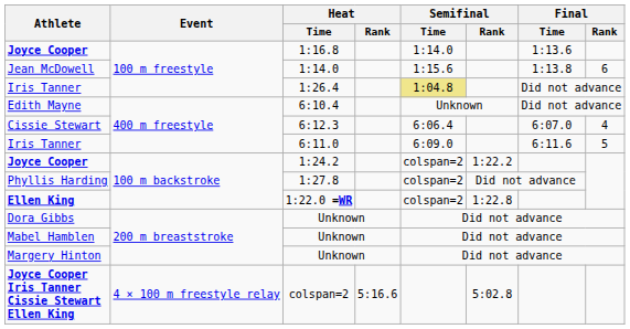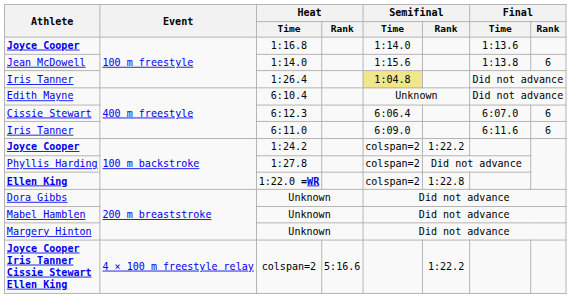 <table class=wikitable style="font-size:90%;">
 <tr>
 <th rowspan=2>Athlete</th>
 <th rowspan=2>Event</th>
 <th colspan=2>Heat</th>
 <th colspan=2>Semifinal</th>
 <th colspan=2>Final</th>
 </tr>
 <tr style="font-size:95%">
 <th>Time</th>
 <th>Rank</th>
 <th>Time</th>
 <th>Rank</th>
 <th>Time</th>
 <th>Rank</th>
 </tr>
 <tr align=center>
 <td align=left><strong><a href='#'>Joyce Cooper</a></strong></td>
 <td rowspan=3 align=left><a href='#'>100 m freestyle</a></td>
 <td>1:16.8</td>
 <td></td>
 <td>1:14.0</td>
 <td></td>
 <td>1:13.6</td>
 <td></td>
 </tr>
 <tr align=center>
 <td align=left><a href='#'>Jean McDowell</a></td>
 <td>1:14.0</td>
 <td></td>
 <td>1:15.6</td>
 <td></td>
 <td>1:13.8</td>
 <td>6</td>
 </tr>
 <tr align=center>
 <td align=left><a href='#'>Iris Tanner</a></td>
 <td>1:26.4</td>
 <td></td>
 <td style="background: khaki;">1:04.8</td>
 <td></td>
 <td colspan=2>Did not advance</td>
 </tr>
 <tr align=center>
 <td align=left><a href='#'>Edith Mayne</a></td>
 <td rowspan=3 align=left><a href='#'>400 m freestyle</a></td>
 <td>6:10.4</td>
 <td></td>
 <td colspan=2>Unknown</td>
 <td colspan=2>Did not advance</td>
 </tr>
 <tr align=center>
 <td align=left><a href='#'>Cissie Stewart</a></td>
 <td>6:12.3</td>
 <td></td>
 <td>6:06.4</td>
 <td></td>
 <td>6:07.0</td>
-<td>4</td>
+<td>6</td>
 </tr>
 <tr align=center>
 <td align=left><a href='#'>Iris Tanner</a></td>
 <td>6:11.0</td>
 <td></td>
 <td>6:09.0</td>
 <td></td>
 <td>6:11.6</td>
-<td>5</td>
+<td>6</td>
 </tr>
 <tr align=center>
 <td align=left><strong><a href='#'>Joyce Cooper</a></strong></td>
 <td rowspan=3 align=left><a href='#'>100 m backstroke</a></td>
 <td>1:24.2</td>
 <td></td>
 <td>colspan=2 </td>
 <td>1:22.2</td>
 <td></td>
 </tr>
 <tr align=center>
 <td align=left><a href='#'>Phyllis Harding</a></td>
 <td>1:27.8</td>
 <td></td>
 <td>colspan=2 </td>
 <td colspan=2>Did not advance</td>
 </tr>
 <tr align=center>
 <td align=left><strong><a href='#'>Ellen King</a></strong></td>
 <td>1:22.0 <strong>=<a href='#'>WR</a></strong></td>
 <td></td>
 <td>colspan=2 </td>
 <td>1:22.8</td>
 <td></td>
 </tr>
 <tr align=center>
 <td align=left><a href='#'>Dora Gibbs</a></td>
 <td rowspan=3 align=left><a href='#'>200 m breaststroke</a></td>
 <td colspan=2>Unknown</td>
 <td colspan=4>Did not advance</td>
 </tr>
 <tr align=center>
 <td align=left><a href='#'>Mabel Hamblen</a></td>
 <td colspan=2>Unknown</td>
 <td colspan=4>Did not advance</td>
 </tr>
 <tr align=center>
 <td align=left><a href='#'>Margery Hinton</a></td>
 <td colspan=2>Unknown</td>
 <td colspan=4>Did not advance</td>
 </tr>
 <tr align=center>
 <td align=left><strong><a href='#'>Joyce Cooper</a><br><a href='#'>Iris Tanner</a><br><a href='#'>Cissie Stewart</a><br><a href='#'>Ellen King</a></strong></td>
 <td rowspan=3 align=left><a href='#'>4 × 100 m freestyle relay</a></td>
 <td>colspan=2 </td>
 <td>5:16.6</td>
 <td></td>
-<td>5:02.8</td>
+<td>1:22.2</td>
 <td></td>
 </tr>
 </table>
